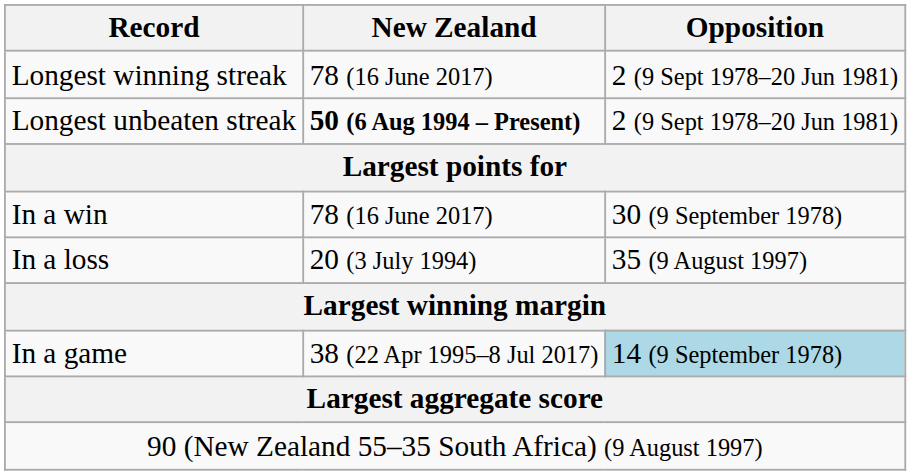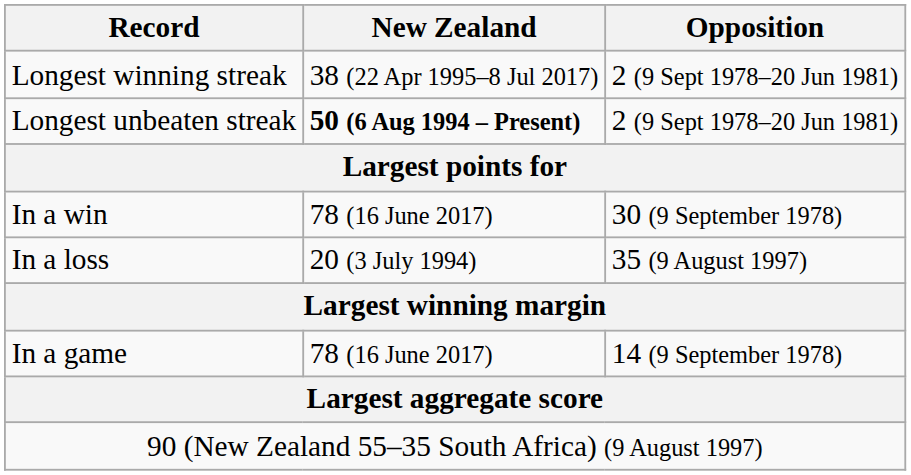 <table class="wikitable">
 <tr>
 <th>Record</th>
 <th>New Zealand</th>
 <th>Opposition</th>
 </tr>
 <tr>
 <td>Longest winning streak</td>
-<td>78 <small>(16 June 2017)</small></td>
+<td>38 <small>(22 Apr 1995–8 Jul 2017)</small></td>
 <td>2 <small>(9 Sept 1978–20 Jun 1981)</small></td>
 </tr>
 <tr>
 <td>Longest unbeaten streak</td>
 <td><strong>50 <small>(6 Aug 1994 – Present)</small></strong></td>
 <td>2 <small>(9 Sept 1978–20 Jun 1981)</small></td>
 </tr>
 <tr>
 <th colspan=3 align=center>Largest points for</th>
 </tr>
 <tr>
 <td>In a win</td>
 <td>78 <small>(16 June 2017)</small></td>
 <td>30 <small>(9 September 1978)</small></td>
 </tr>
 <tr>
 <td>In a loss</td>
 <td>20 <small>(3 July 1994)</small></td>
 <td>35 <small>(9 August 1997)</small></td>
 </tr>
 <tr>
 <th colspan=3 align=center>Largest winning margin</th>
 </tr>
 <tr>
 <td>In a game</td>
-<td>38 <small>(22 Apr 1995–8 Jul 2017)</small></td>
-<td style="background: lightblue;">14 <small>(9 September 1978)</small></td>
+<td>78 <small>(16 June 2017)</small></td>
+<td>14 <small>(9 September 1978)</small></td>
 </tr>
 <tr>
 <th colspan=3 align=center>Largest aggregate score</th>
 </tr>
 <tr>
 <td colspan=3 align=center>90 (New Zealand 55–35 South Africa) <small>(9 August 1997)</small></td>
 </tr>
 </table>
